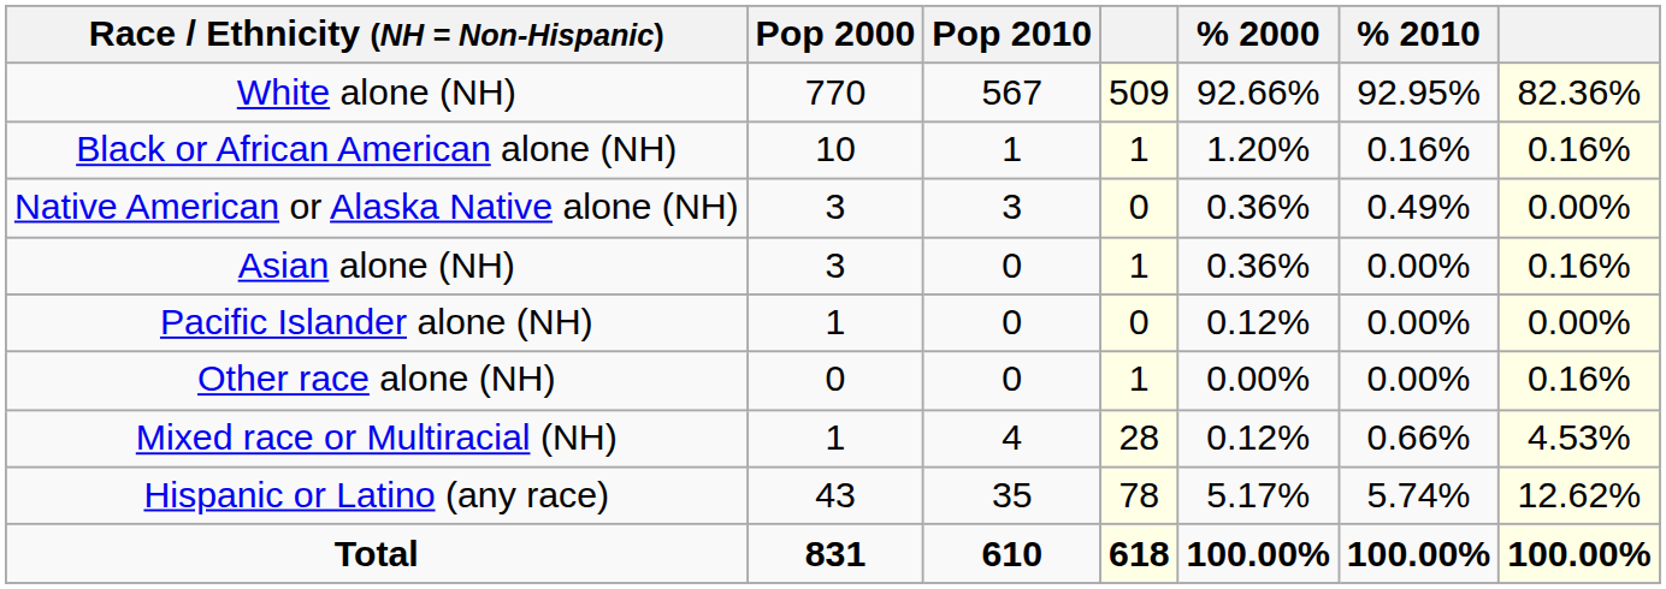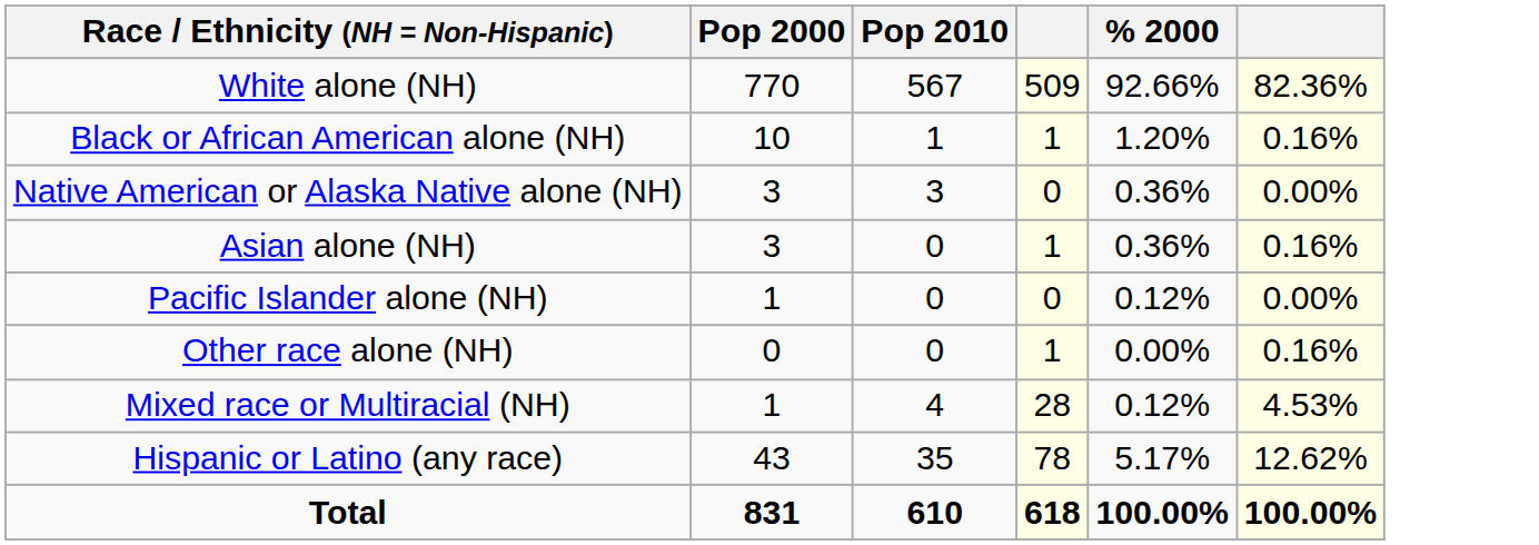 <table class="wikitable" style="text-align:center;">
 <tr>
 <th>Race / Ethnicity <small>(<em>NH = Non-Hispanic</em>)</small></th>
 <th>Pop 2000</th>
 <th>Pop 2010</th>
 <th></th>
 <th>% 2000</th>
-<th>% 2010</th>
 <th></th>
 </tr>
 <tr>
 <td><a href='#'>White</a> alone (NH)</td>
 <td>770</td>
 <td>567</td>
 <td style='background: #ffffe6;'>509</td>
 <td>92.66%</td>
-<td>92.95%</td>
 <td style='background: #ffffe6;'>82.36%</td>
 </tr>
 <tr>
 <td><a href='#'>Black or African American</a> alone (NH)</td>
 <td>10</td>
 <td>1</td>
 <td style='background: #ffffe6;'>1</td>
 <td>1.20%</td>
-<td>0.16%</td>
 <td style='background: #ffffe6;'>0.16%</td>
 </tr>
 <tr>
 <td><a href='#'>Native American</a> or <a href='#'>Alaska Native</a> alone (NH)</td>
 <td>3</td>
 <td>3</td>
 <td style='background: #ffffe6;'>0</td>
 <td>0.36%</td>
-<td>0.49%</td>
 <td style='background: #ffffe6;'>0.00%</td>
 </tr>
 <tr>
 <td><a href='#'>Asian</a> alone (NH)</td>
 <td>3</td>
 <td>0</td>
 <td style='background: #ffffe6;'>1</td>
 <td>0.36%</td>
-<td>0.00%</td>
 <td style='background: #ffffe6;'>0.16%</td>
 </tr>
 <tr>
 <td><a href='#'>Pacific Islander</a> alone (NH)</td>
 <td>1</td>
 <td>0</td>
 <td style='background: #ffffe6;'>0</td>
 <td>0.12%</td>
-<td>0.00%</td>
 <td style='background: #ffffe6;'>0.00%</td>
 </tr>
 <tr>
 <td><a href='#'>Other race</a> alone (NH)</td>
 <td>0</td>
 <td>0</td>
 <td style='background: #ffffe6;'>1</td>
-<td>0.00%</td>
 <td>0.00%</td>
 <td style='background: #ffffe6;'>0.16%</td>
 </tr>
 <tr>
 <td><a href='#'>Mixed race or Multiracial</a> (NH)</td>
 <td>1</td>
 <td>4</td>
 <td style='background: #ffffe6;'>28</td>
 <td>0.12%</td>
-<td>0.66%</td>
 <td style='background: #ffffe6;'>4.53%</td>
 </tr>
 <tr>
 <td><a href='#'>Hispanic or Latino</a> (any race)</td>
 <td>43</td>
 <td>35</td>
 <td style='background: #ffffe6;'>78</td>
 <td>5.17%</td>
-<td>5.74%</td>
 <td style='background: #ffffe6;'>12.62%</td>
 </tr>
 <tr>
 <td><strong>Total</strong></td>
 <td><strong>831</strong></td>
 <td><strong>610</strong></td>
 <td style='background: #ffffe6;'><strong>618</strong></td>
 <td><strong>100.00%</strong></td>
-<td><strong>100.00%</strong></td>
 <td style='background: #ffffe6;'><strong>100.00%</strong></td>
 </tr>
 </table>
